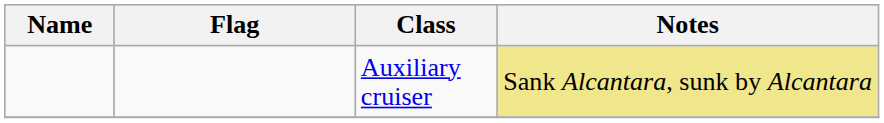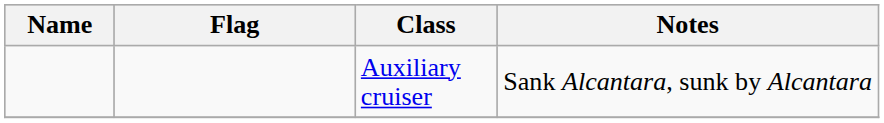 <table class="wikitable sortable">
 <tr>
 <th scope="col" width="60px">Name</th>
 <th scope="col" width="140px">Flag</th>
 <th scope="col" width="80px">Class</th>
 <th>Notes</th>
 </tr>
 <tr>
 <td align="left"></td>
 <td align="left"></td>
 <td align="left"><a href='#'>Auxiliary cruiser</a></td>
-<td align="left" style="background: khaki;">Sank <em>Alcantara</em>, sunk by <em>Alcantara</em></td>
+<td align="left">Sank <em>Alcantara</em>, sunk by <em>Alcantara</em></td>
 </tr>
 <tr>
 </tr>
 </table>
